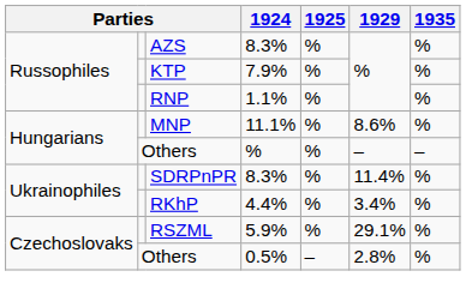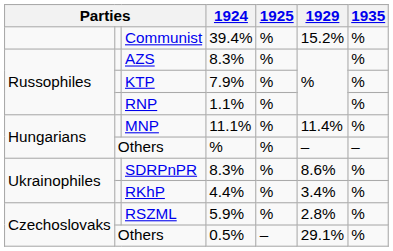 <table class="wikitable unsortable" style="font-size:90%;line-height:14px;">
 <tr>
 <th colspan=3>Parties</th>
 <th><a href='#'>1924</a></th>
 <th><a href='#'>1925</a></th>
 <th><a href='#'>1929</a></th>
 <th><a href='#'>1935</a></th>
+</tr>
+<tr>
+<td></td>
+<td style="background:"></td>
+<td><a href='#'>Communist</a></td>
+<td>39.4%</td>
+<td>%</td>
+<td>15.2%</td>
+<td>%</td>
 </tr>
 <tr>
 <td rowspan=3>Russophiles</td>
 <td style="background:"></td>
 <td><a href='#'>AZS</a></td>
 <td>8.3%</td>
 <td>%</td>
 <td rowspan=3>%</td>
 <td>%</td>
 </tr>
 <tr>
 <td style="background:"></td>
 <td><a href='#'>KTP</a></td>
 <td>7.9%</td>
 <td>%</td>
 <td>%</td>
 </tr>
 <tr>
 <td style="background:"></td>
 <td><a href='#'>RNP</a></td>
 <td>1.1%</td>
 <td>%</td>
 <td>%</td>
 </tr>
 <tr>
 <td rowspan=2>Hungarians</td>
 <td style="background:"></td>
 <td><a href='#'>MNP</a></td>
 <td>11.1%</td>
 <td>%</td>
-<td>8.6%</td>
+<td>11.4%</td>
 <td>%</td>
 </tr>
 <tr>
 <td colspan=2>Others</td>
 <td>%</td>
 <td>%</td>
 <td>–</td>
 <td>–</td>
 </tr>
 <tr>
 <td rowspan=2>Ukrainophiles</td>
 <td style="background:"></td>
 <td><a href='#'>SDRPnPR</a></td>
 <td>8.3%</td>
 <td>%</td>
-<td>11.4%</td>
+<td>8.6%</td>
 <td>%</td>
 </tr>
 <tr>
 <td style="background:"></td>
 <td><a href='#'>RKhP</a></td>
 <td>4.4%</td>
 <td>%</td>
 <td>3.4%</td>
 <td>%</td>
 </tr>
 <tr>
 <td rowspan=2>Czechoslovaks</td>
 <td style="background:"></td>
 <td><a href='#'>RSZML</a></td>
 <td>5.9%</td>
 <td>%</td>
-<td>29.1%</td>
+<td>2.8%</td>
 <td>%</td>
 </tr>
 <tr>
 <td colspan=2>Others</td>
 <td>0.5%</td>
 <td>–</td>
-<td>2.8%</td>
+<td>29.1%</td>
 <td>%</td>
 </tr>
 </table>
